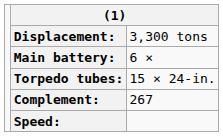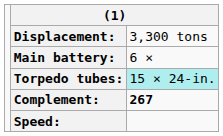 <table class="wikitable plainrowheaders" style="text-align:left">
 <tr valign="bottom">
 <td rowspan=6 style="text-align:center"></td>
 <th colspan=2 style="text-align:center"> (1)</th>
 </tr>
 <tr>
 <th style="text-align:left">Displacement:</th>
 <td>3,300 tons</td>
 </tr>
 <tr>
 <th style="text-align:left">Main battery:</th>
 <td>6 × </td>
 </tr>
 <tr>
 <th style="text-align:left">Torpedo tubes:</th>
-<td>15 × 24‑in.</td>
+<td style="background: paleturquoise;">15 × 24‑in.</td>
 </tr>
 <tr>
 <th style="text-align:left">Complement:</th>
-<td>267</td>
+<td><strong>267</strong></td>
 </tr>
 <tr>
 <th style="text-align:left">Speed:</th>
 <td></td>
 </tr>
 <tr>
 </tr>
 </table>
